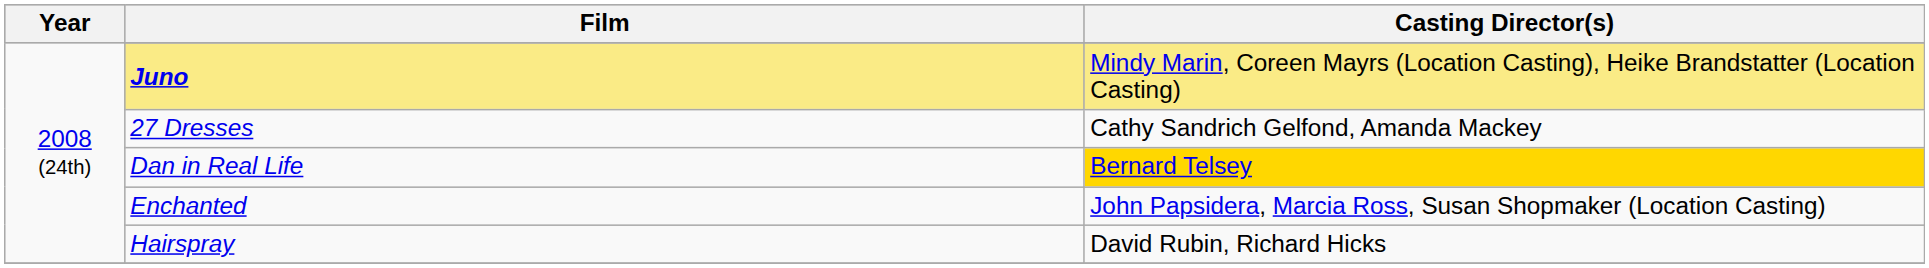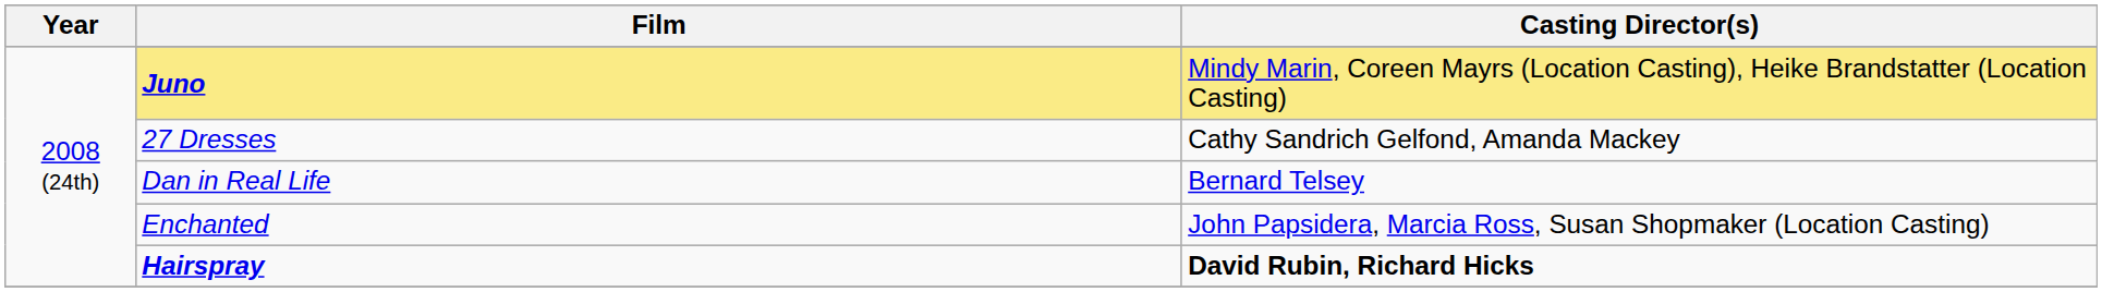 <table class="wikitable" style="width:100%">
 <tr bgcolor="#bebebe">
 <th width="5%">Year</th>
 <th width="40%">Film</th>
 <th width="35%">Casting Director(s)</th>
 </tr>
 <tr>
 <td rowspan=6 style="text-align:center"><a href='#'>2008</a><br><small>(24th)</small><br></td>
 </tr>
 <tr style="background:#FAEB86">
 <td><strong><em><a href='#'>Juno</a></em></strong></td>
 <td><a href='#'>Mindy Marin</a>, Coreen Mayrs (Location Casting), Heike Brandstatter (Location Casting)</td>
 </tr>
 <tr>
 <td><em><a href='#'>27 Dresses</a></em></td>
 <td>Cathy Sandrich Gelfond, Amanda Mackey</td>
 </tr>
 <tr>
 <td><em><a href='#'>Dan in Real Life</a></em></td>
-<td style="background: gold;"><a href='#'>Bernard Telsey</a></td>
+<td><a href='#'>Bernard Telsey</a></td>
 </tr>
 <tr>
 <td><em><a href='#'>Enchanted</a></em></td>
 <td><a href='#'>John Papsidera</a>, <a href='#'>Marcia Ross</a>, Susan Shopmaker (Location Casting)</td>
 </tr>
 <tr>
-<td><em><a href='#'>Hairspray</a></em></td>
-<td>David Rubin, Richard Hicks</td>
+<td><strong><em><a href='#'>Hairspray</a></em></strong></td>
+<td><strong>David Rubin, Richard Hicks</strong></td>
 </tr>
 <tr>
 </tr>
 </table>
